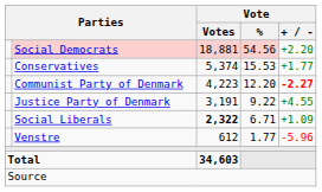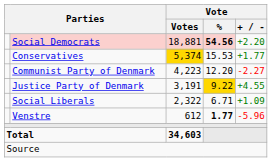 <table class="wikitable" style="text-align:right;">
 <tr>
 <th style="text-align:centre;" rowspan="2" colspan="2" width="225">Parties</th>
 <th colspan="3">Vote</th>
 </tr>
 <tr>
 <th width="15">Votes</th>
 <th width="15">%</th>
 <th width="15">+ / -</th>
 </tr>
 <tr>
 <td width="2" style="color:inherit;background:"></td>
 <td bgcolor=#fbd0ce  align="left"><a href='#'>Social Democrats</a></td>
 <td bgcolor=#fbd0ce>18,881</td>
-<td bgcolor=#fbd0ce>54.56</td>
+<td bgcolor=#fbd0ce><strong>54.56</strong></td>
 <td style=color:green;>+2.20</td>
 </tr>
 <tr>
 <td width="2" style="color:inherit;background:"></td>
 <td align="left"><a href='#'>Conservatives</a></td>
-<td>5,374</td>
+<td style="background: gold;">5,374</td>
 <td>15.53</td>
 <td style=color:green;>+1.77</td>
 </tr>
 <tr>
 <td width="2" style="color:inherit;background:"></td>
 <td align="left"><a href='#'>Communist Party of Denmark</a></td>
 <td>4,223</td>
 <td>12.20</td>
-<td style=color:red;><strong>-2.27</strong></td>
+<td style=color:red;>-2.27</td>
 </tr>
 <tr>
 <td width="2" style="color:inherit;background:"></td>
 <td align="left"><a href='#'>Justice Party of Denmark</a></td>
 <td>3,191</td>
-<td>9.22</td>
+<td style="background: gold;">9.22</td>
 <td style=color:green;>+4.55</td>
 </tr>
 <tr>
 <td width="2" style="color:inherit;background:"></td>
 <td align="left"><a href='#'>Social Liberals</a></td>
-<td><strong>2,322</strong></td>
+<td>2,322</td>
 <td>6.71</td>
 <td style=color:green;>+1.09</td>
 </tr>
 <tr>
 <td width="2" style="color:inherit;background:"></td>
 <td align="left"><a href='#'>Venstre</a></td>
 <td>612</td>
-<td>1.77</td>
+<td><strong>1.77</strong></td>
 <td style=color:red;>-5.96</td>
 </tr>
 <tr>
 <td colspan="7" bgcolor="#E9E9E9"></td>
 </tr>
 <tr>
 <td align="left" colspan="2"><strong>Total</strong></td>
 <td><strong>34,603</strong></td>
 <td bgcolor="#E9E9E9" colspan="2"></td>
 </tr>
 <tr>
 <td align="left" colspan="6">Source</td>
 </tr>
 </table>
